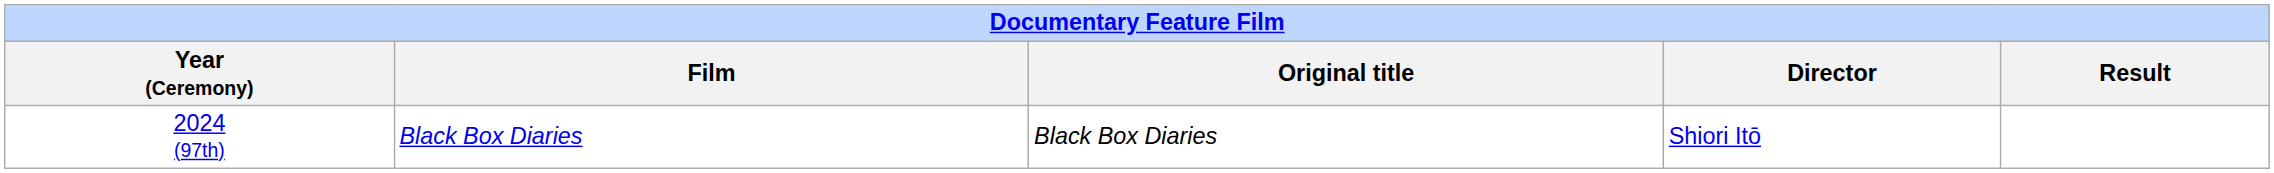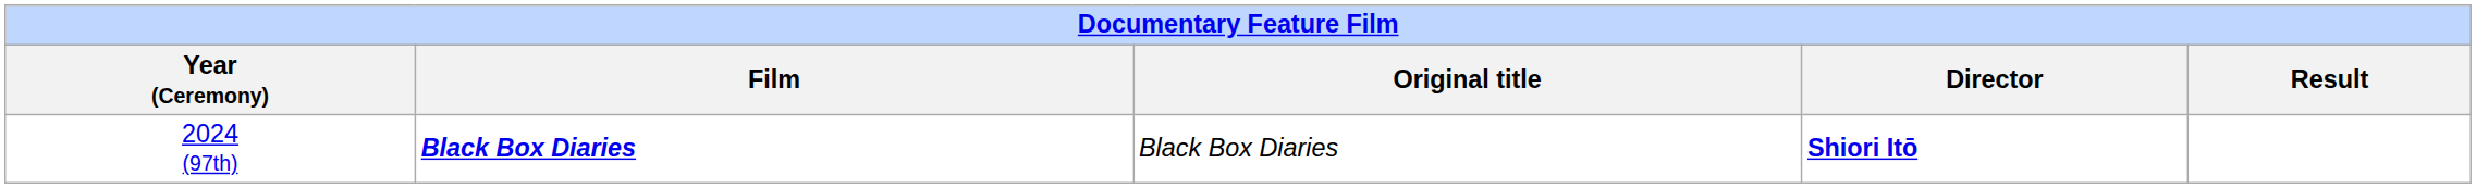 <table class="wikitable sortable" style="width:98%; background:#fff;">
 <tr style="background:#bfd7ff;">
 <td colspan="6" style="text-align:center;"><strong><a href='#'>Documentary Feature Film</a></strong></td>
 </tr>
 <tr>
 <th>Year<br><small>(Ceremony)</small></th>
 <th>Film</th>
 <th>Original title</th>
 <th>Director</th>
 <th>Result</th>
 </tr>
 <tr>
 <td style="text-align:center;"><a href='#'>2024</a><br><small><a href='#'>(97th)</a></small></td>
-<td><em><a href='#'>Black Box Diaries</a></em></td>
+<td><strong><em><a href='#'>Black Box Diaries</a></em></strong></td>
 <td><em>Black Box Diaries</em></td>
-<td><a href='#'>Shiori Itō</a></td>
+<td><strong><a href='#'>Shiori Itō</a></strong></td>
 <td></td>
 </tr>
 </table>
